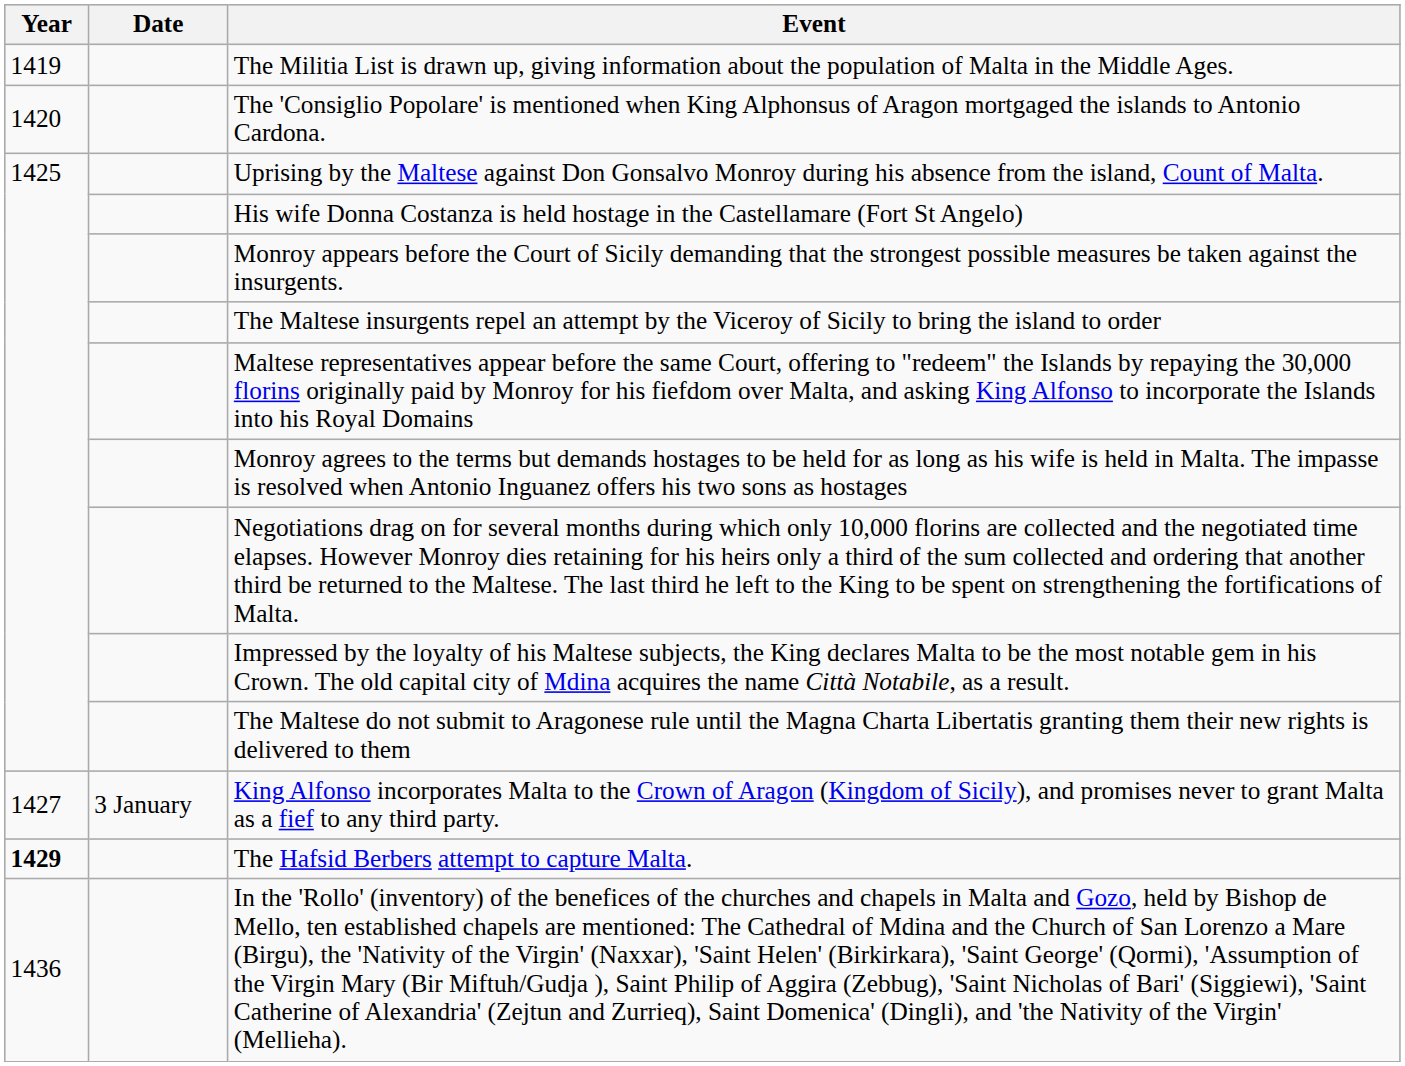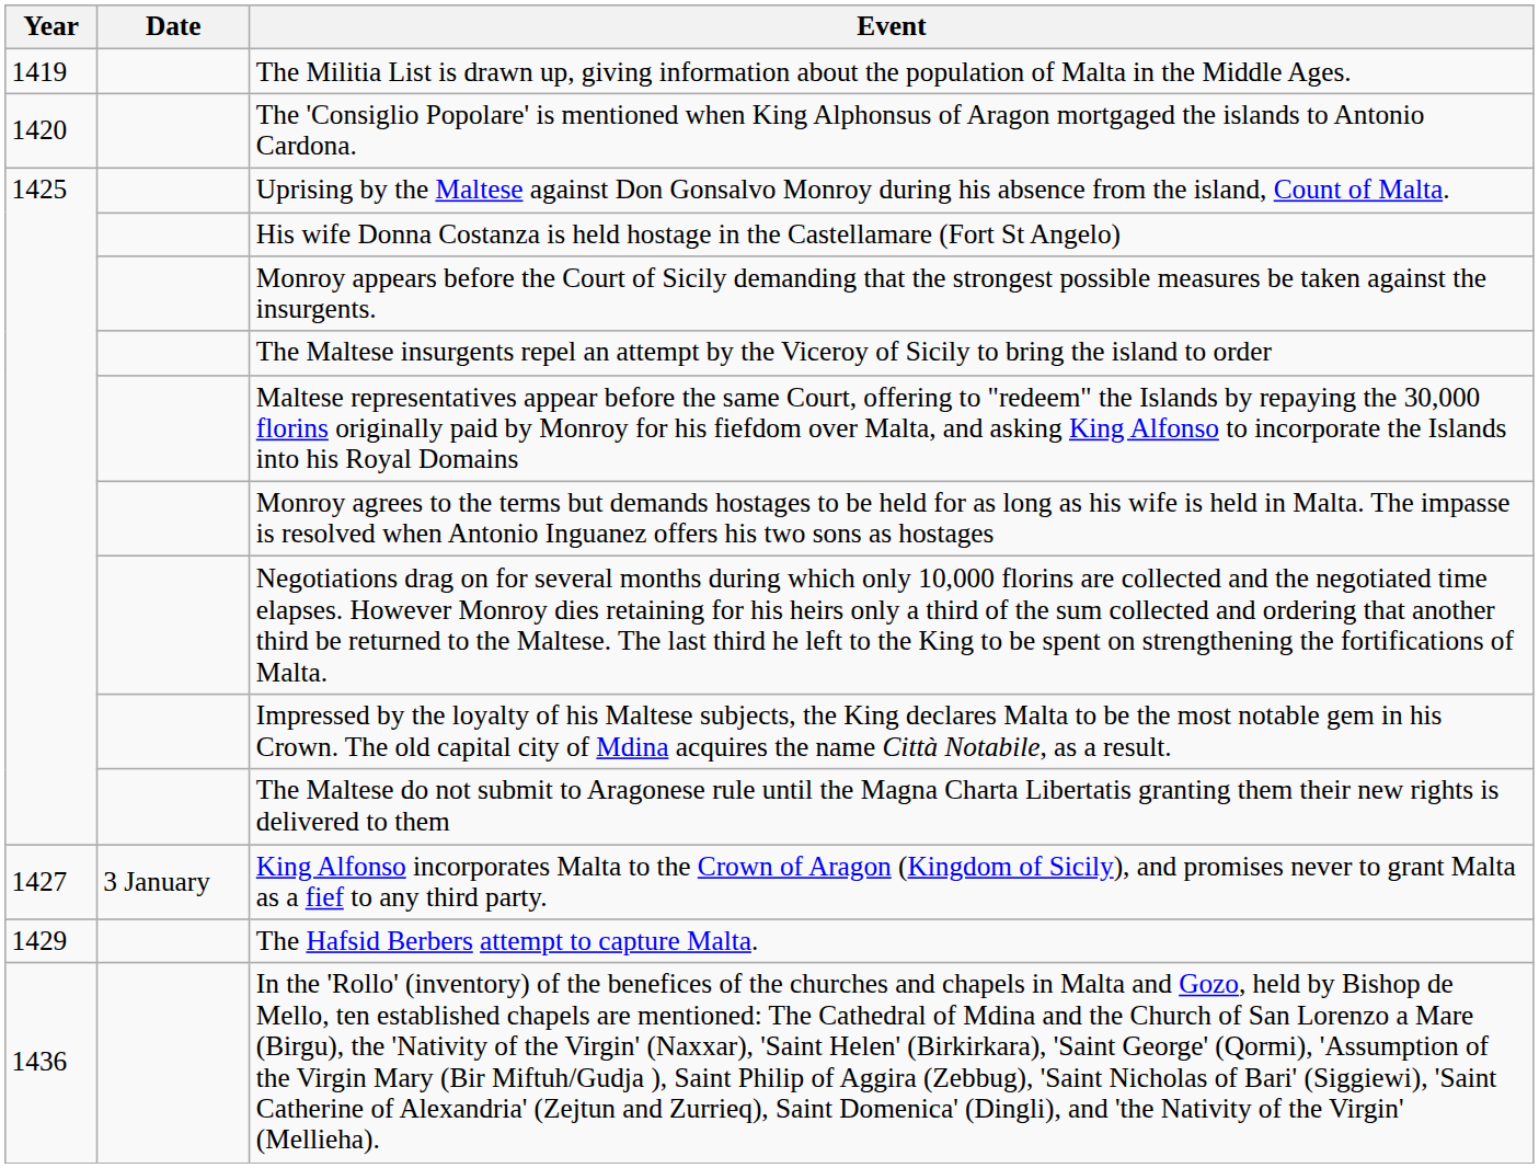 <table class="wikitable" width="100%">
 <tr>
 <th style="width:6%">Year</th>
 <th style="width:10%">Date</th>
 <th>Event</th>
 </tr>
 <tr>
 <td>1419</td>
 <td></td>
 <td>The Militia List is drawn up, giving information about the population of Malta in the Middle Ages.</td>
 </tr>
 <tr>
 <td>1420</td>
 <td></td>
 <td>The 'Consiglio Popolare' is mentioned when King Alphonsus of Aragon mortgaged the islands to Antonio Cardona.</td>
 </tr>
 <tr>
 <td rowspan="9" valign="top">1425</td>
 <td></td>
 <td>Uprising by the <a href='#'>Maltese</a> against Don Gonsalvo Monroy during his absence from the island, <a href='#'>Count of Malta</a>.</td>
 </tr>
 <tr>
 <td></td>
 <td>His wife Donna Costanza is held hostage in the Castellamare (Fort St Angelo)</td>
 </tr>
 <tr>
 <td></td>
 <td>Monroy appears before the Court of Sicily demanding that the strongest possible measures be taken against the insurgents.</td>
 </tr>
 <tr>
 <td></td>
 <td>The Maltese insurgents repel an attempt by the Viceroy of Sicily to bring the island to order</td>
 </tr>
 <tr>
 <td></td>
 <td>Maltese representatives appear before the same Court, offering to "redeem" the Islands by repaying the 30,000 <a href='#'>florins</a> originally paid by Monroy for his fiefdom over Malta, and asking <a href='#'>King Alfonso</a> to incorporate the Islands into his Royal Domains</td>
 </tr>
 <tr>
 <td></td>
 <td>Monroy agrees to the terms but demands hostages to be held for as long as his wife is held in Malta. The impasse is resolved when Antonio Inguanez offers his two sons as hostages</td>
 </tr>
 <tr>
 <td></td>
 <td>Negotiations drag on for several months during which only 10,000 florins are collected and the negotiated time elapses. However Monroy dies retaining for his heirs only a third of the sum collected and ordering that another third be returned to the Maltese. The last third he left to the King to be spent on strengthening the fortifications of Malta.</td>
 </tr>
 <tr>
 <td></td>
 <td>Impressed by the loyalty of his Maltese subjects, the King declares Malta to be the most notable gem in his Crown.  The old capital city of <a href='#'>Mdina</a> acquires the name <em>Città Notabile</em>, as a result.</td>
 </tr>
 <tr>
 <td></td>
 <td>The Maltese do not submit to Aragonese rule until the Magna Charta Libertatis granting them their new rights is delivered to them</td>
 </tr>
 <tr>
 <td>1427</td>
 <td>3 January</td>
 <td><a href='#'>King Alfonso</a> incorporates Malta to the <a href='#'>Crown of Aragon</a> (<a href='#'>Kingdom of Sicily</a>), and promises never to grant Malta as a <a href='#'>fief</a> to any third party.</td>
 </tr>
 <tr>
-<td><strong>1429</strong></td>
+<td>1429</td>
 <td></td>
 <td>The <a href='#'>Hafsid Berbers</a> <a href='#'>attempt to capture Malta</a>.</td>
 </tr>
 <tr>
 <td>1436</td>
 <td></td>
 <td>In the 'Rollo' (inventory) of the benefices of the churches and chapels in Malta and <a href='#'>Gozo</a>, held by Bishop de Mello, ten established chapels are mentioned: The Cathedral of Mdina and the Church of San Lorenzo a Mare (Birgu), the 'Nativity of the Virgin' (Naxxar), 'Saint Helen' (Birkirkara), 'Saint George' (Qormi), 'Assumption of the Virgin Mary (Bir Miftuh/Gudja ), Saint Philip of Aggira (Zebbug), 'Saint Nicholas of Bari' (Siggiewi), 'Saint Catherine of Alexandria' (Zejtun and Zurrieq), Saint Domenica' (Dingli), and 'the Nativity of the Virgin' (Mellieha).</td>
 </tr>
 </table>
